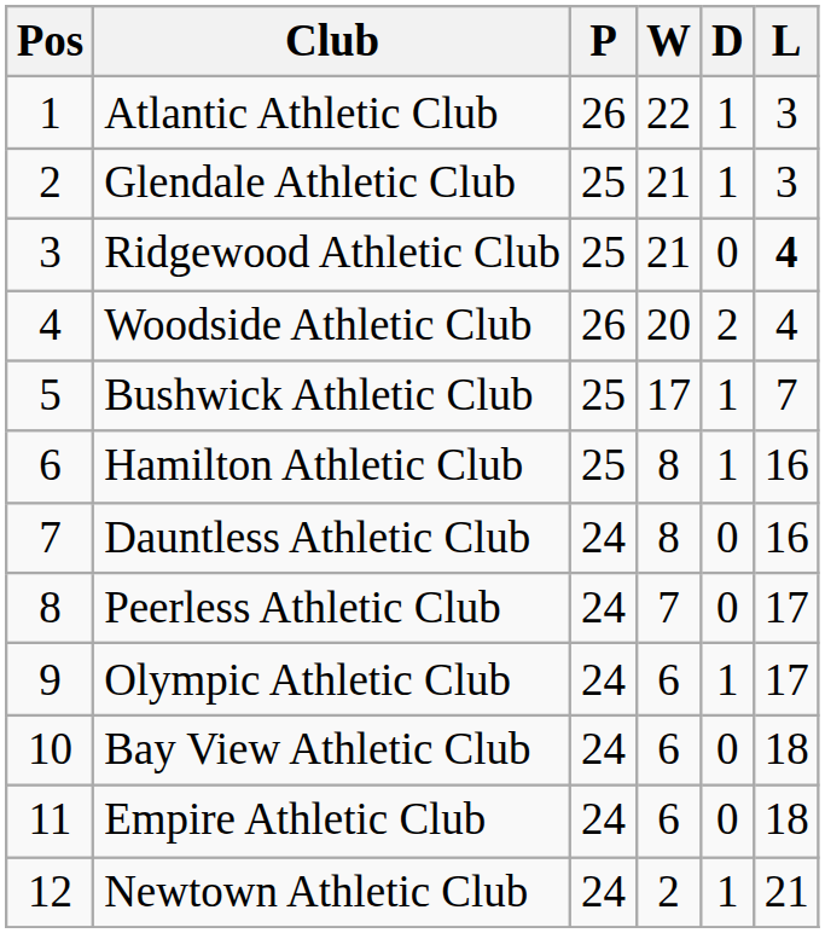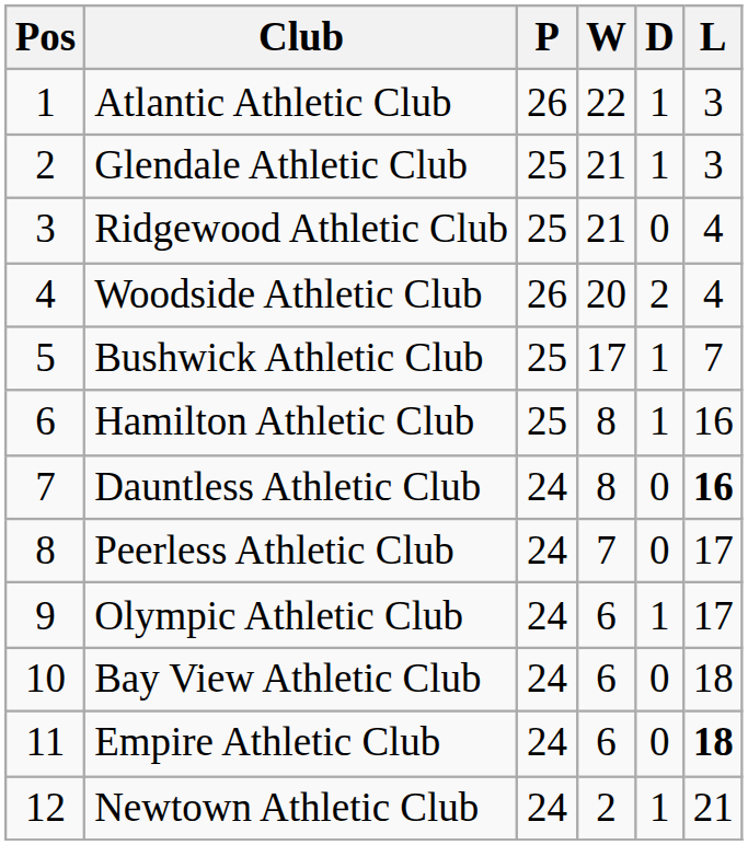 <table class="wikitable" style=text-align:center>
 <tr>
 <th>Pos</th>
 <th>Club</th>
 <th>P</th>
 <th>W</th>
 <th>D</th>
 <th>L</th>
 </tr>
 <tr>
 <td>1</td>
 <td align=left>Atlantic Athletic Club</td>
 <td>26</td>
 <td>22</td>
 <td>1</td>
 <td>3</td>
 </tr>
 <tr>
 <td>2</td>
 <td align=left>Glendale Athletic Club</td>
 <td>25</td>
 <td>21</td>
 <td>1</td>
 <td>3</td>
 </tr>
 <tr>
 <td>3</td>
 <td align=left>Ridgewood Athletic Club</td>
 <td>25</td>
 <td>21</td>
 <td>0</td>
-<td><strong>4</strong></td>
+<td>4</td>
 </tr>
 <tr>
 <td>4</td>
 <td align=left>Woodside Athletic Club</td>
 <td>26</td>
 <td>20</td>
 <td>2</td>
 <td>4</td>
 </tr>
 <tr>
 <td>5</td>
 <td align=left>Bushwick Athletic Club</td>
 <td>25</td>
 <td>17</td>
 <td>1</td>
 <td>7</td>
 </tr>
 <tr>
 <td>6</td>
 <td align=left>Hamilton Athletic Club</td>
 <td>25</td>
 <td>8</td>
 <td>1</td>
 <td>16</td>
 </tr>
 <tr>
 <td>7</td>
 <td align=left>Dauntless Athletic Club</td>
 <td>24</td>
 <td>8</td>
 <td>0</td>
-<td>16</td>
+<td><strong>16</strong></td>
 </tr>
 <tr>
 <td>8</td>
 <td align=left>Peerless Athletic Club</td>
 <td>24</td>
 <td>7</td>
 <td>0</td>
 <td>17</td>
 </tr>
 <tr>
 <td>9</td>
 <td align=left>Olympic Athletic Club</td>
 <td>24</td>
 <td>6</td>
 <td>1</td>
 <td>17</td>
 </tr>
 <tr>
 <td>10</td>
 <td align=left>Bay View Athletic Club</td>
 <td>24</td>
 <td>6</td>
 <td>0</td>
 <td>18</td>
 </tr>
 <tr>
 <td>11</td>
 <td align=left>Empire Athletic Club</td>
 <td>24</td>
 <td>6</td>
 <td>0</td>
-<td>18</td>
+<td><strong>18</strong></td>
 </tr>
 <tr>
 <td>12</td>
 <td align=left>Newtown Athletic Club</td>
 <td>24</td>
 <td>2</td>
 <td>1</td>
 <td>21</td>
 </tr>
 <tr>
 </tr>
 </table>
